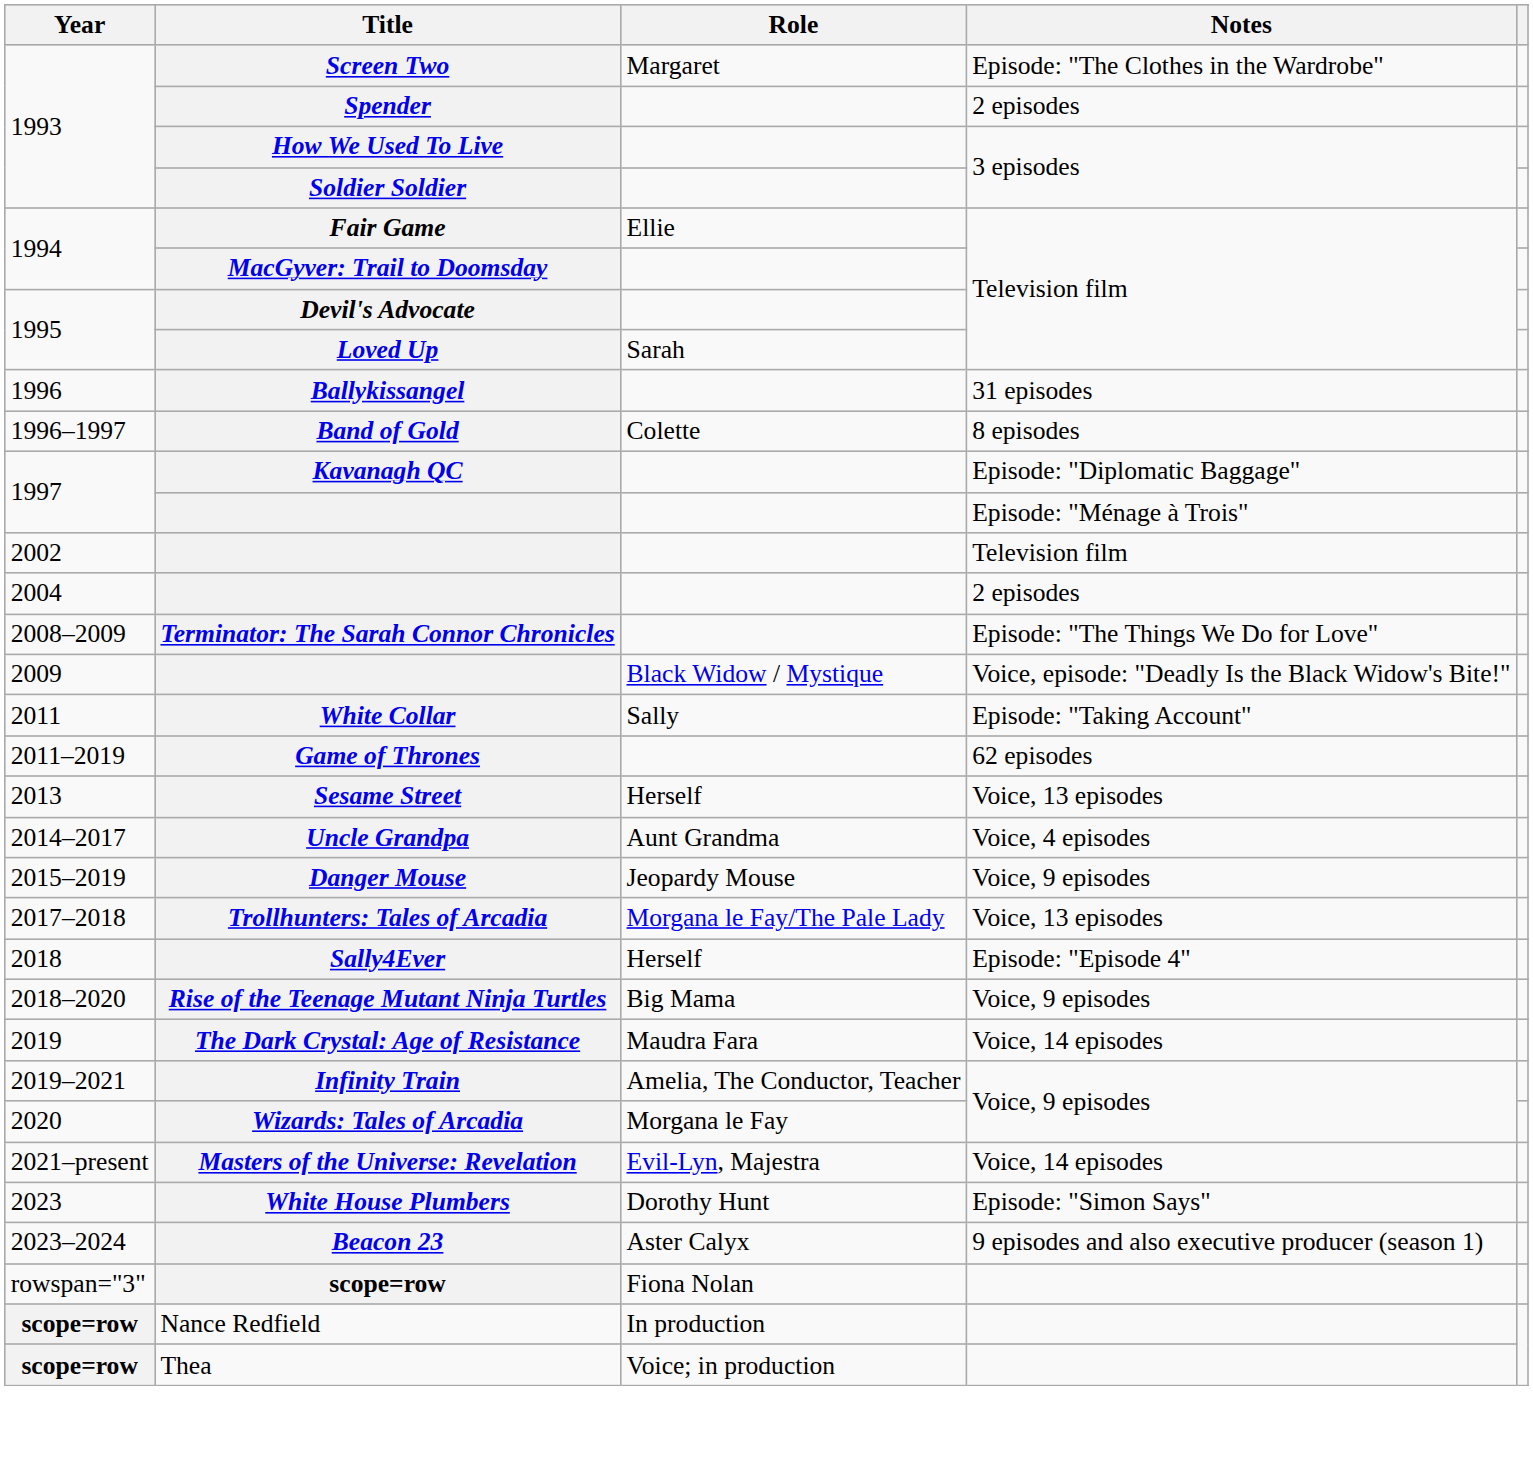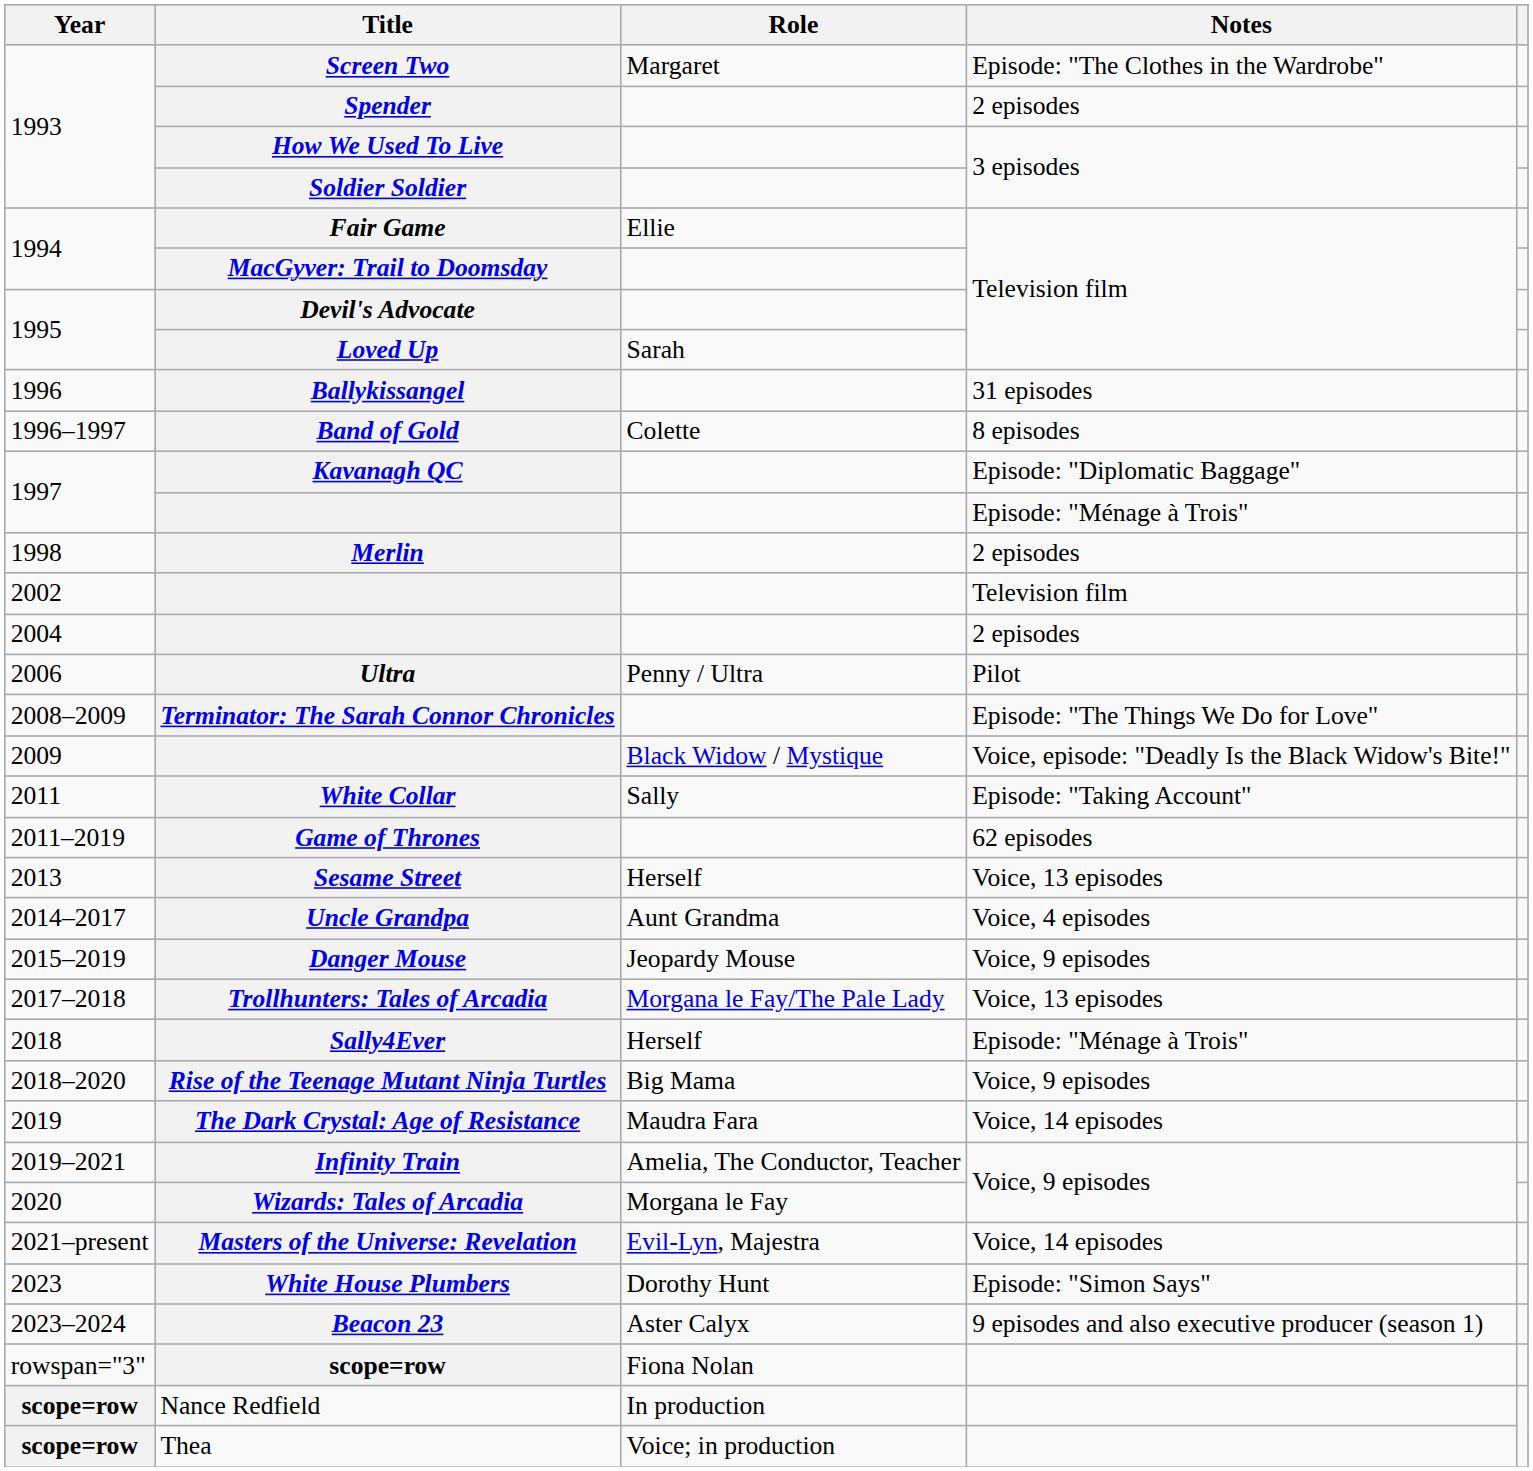 <table class="wikitable plainrowheaders sortable">
 <tr>
 <th scope="col">Year</th>
 <th scope="col">Title</th>
 <th scope="col">Role</th>
 <th scope="col" class="unsortable">Notes</th>
 <th scope="col" class="unsortable"></th>
 </tr>
 <tr>
 <td rowspan="4">1993</td>
 <th scope=row><em><a href='#'>Screen Two</a></em></th>
 <td>Margaret</td>
 <td>Episode: "The Clothes in the Wardrobe"</td>
 <td style="text-align:center;"></td>
 </tr>
 <tr>
 <th scope=row><em><a href='#'>Spender</a></em></th>
 <td></td>
 <td>2 episodes</td>
 <td style="text-align:center;"></td>
 </tr>
 <tr>
 <th scope=row><em><a href='#'>How We Used To Live</a></em></th>
 <td></td>
 <td rowspan="2">3 episodes</td>
 <td style="text-align:center;"></td>
 </tr>
 <tr>
 <th scope=row><em><a href='#'>Soldier Soldier</a></em></th>
 <td></td>
 <td style="text-align:center;"></td>
 </tr>
 <tr>
 <td rowspan="2">1994</td>
 <th scope=row><em>Fair Game</em></th>
 <td>Ellie</td>
 <td rowspan="4">Television film</td>
 <td style="text-align:center;"></td>
 </tr>
 <tr>
 <th scope=row><em><a href='#'>MacGyver: Trail to Doomsday</a></em></th>
 <td></td>
 <td style="text-align:center;"></td>
 </tr>
 <tr>
 <td rowspan="2">1995</td>
 <th scope=row><em>Devil's Advocate</em></th>
 <td></td>
 <td style="text-align:center;"></td>
 </tr>
 <tr>
 <th scope=row><em><a href='#'>Loved Up</a></em></th>
 <td>Sarah</td>
 <td style="text-align:center;"></td>
 </tr>
 <tr>
 <td>1996</td>
 <th scope=row><em><a href='#'>Ballykissangel</a></em></th>
 <td></td>
 <td>31 episodes</td>
 <td style="text-align:center;"></td>
 </tr>
 <tr>
 <td>1996–1997</td>
 <th scope=row><em><a href='#'>Band of Gold</a></em></th>
 <td>Colette</td>
 <td>8 episodes</td>
 <td style="text-align:center;"></td>
 </tr>
 <tr>
 <td rowspan="2">1997</td>
 <th scope=row><em><a href='#'>Kavanagh QC</a></em></th>
 <td></td>
 <td>Episode: "Diplomatic Baggage"</td>
 <td style="text-align:center;"></td>
 </tr>
 <tr>
 <th scope=row><em></em></th>
 <td></td>
 <td>Episode: "Ménage à Trois"</td>
 <td style="text-align:center;"></td>
 </tr>
 <tr>
+<td>1998</td>
+<th scope=row><em><a href='#'>Merlin</a></em></th>
+<td></td>
+<td>2 episodes</td>
+<td style="text-align:center;"></td>
+</tr>
+<tr>
 <td>2002</td>
 <th scope=row><em></em></th>
 <td></td>
 <td>Television film</td>
 <td style="text-align:center;"></td>
 </tr>
 <tr>
 <td>2004</td>
 <th scope=row><em></em></th>
 <td></td>
 <td>2 episodes</td>
+<td style="text-align:center;"></td>
+</tr>
+<tr>
+<td>2006</td>
+<th scope=row><em>Ultra</em></th>
+<td>Penny / Ultra</td>
+<td>Pilot</td>
 <td style="text-align:center;"></td>
 </tr>
 <tr>
 <td>2008–2009</td>
 <th scope=row><em><a href='#'>Terminator: The Sarah Connor Chronicles</a></em></th>
 <td></td>
 <td>Episode: "The Things We Do for Love"</td>
 <td style="text-align:center;"></td>
 </tr>
 <tr>
 <td>2009</td>
 <th scope=row><em></em></th>
 <td><a href='#'>Black Widow</a> / <a href='#'>Mystique</a></td>
 <td>Voice, episode: "Deadly Is the Black Widow's Bite!"</td>
 <td style="text-align:center;"></td>
 </tr>
 <tr>
 <td>2011</td>
 <th scope=row><em><a href='#'>White Collar</a></em></th>
 <td>Sally</td>
 <td>Episode: "Taking Account"</td>
 <td style="text-align:center;"></td>
 </tr>
 <tr>
 <td>2011–2019</td>
 <th scope=row><em><a href='#'>Game of Thrones</a></em></th>
 <td></td>
 <td>62 episodes</td>
 <td style="text-align:center;"></td>
 </tr>
 <tr>
 <td>2013</td>
 <th scope=row><em><a href='#'>Sesame Street</a></em></th>
 <td>Herself</td>
 <td>Voice, 13 episodes</td>
 <td style="text-align:center;"></td>
 </tr>
 <tr>
 <td>2014–2017</td>
 <th scope=row><em><a href='#'>Uncle Grandpa</a></em></th>
 <td>Aunt Grandma</td>
 <td>Voice, 4 episodes</td>
 <td style="text-align:center;"></td>
 </tr>
 <tr>
 <td>2015–2019</td>
 <th scope=row><em><a href='#'>Danger Mouse</a></em></th>
 <td>Jeopardy Mouse</td>
 <td>Voice, 9 episodes</td>
 <td style="text-align:center;"></td>
 </tr>
 <tr>
 <td>2017–2018</td>
 <th scope=row><em><a href='#'>Trollhunters: Tales of Arcadia</a></em></th>
 <td><a href='#'>Morgana le Fay/The Pale Lady</a></td>
 <td>Voice, 13 episodes</td>
 <td style="text-align:center;"></td>
 </tr>
 <tr>
 <td>2018</td>
 <th scope=row><em><a href='#'>Sally4Ever</a></em></th>
 <td>Herself</td>
-<td>Episode: "Episode 4"</td>
+<td>Episode: "Ménage à Trois"</td>
 <td style="text-align:center;"></td>
 </tr>
 <tr>
 <td>2018–2020</td>
 <th scope=row><em><a href='#'>Rise of the Teenage Mutant Ninja Turtles</a></em></th>
 <td>Big Mama</td>
 <td>Voice, 9 episodes</td>
 <td style="text-align:center;"></td>
 </tr>
 <tr>
 <td>2019</td>
 <th scope=row><em><a href='#'>The Dark Crystal: Age of Resistance</a></em></th>
 <td>Maudra Fara</td>
 <td>Voice, 14 episodes</td>
 <td style="text-align:center;"></td>
 </tr>
 <tr>
 <td>2019–2021</td>
 <th scope=row><em><a href='#'>Infinity Train</a></em></th>
 <td>Amelia, The Conductor, Teacher</td>
 <td rowspan="2">Voice, 9 episodes</td>
 <td style="text-align:center;"></td>
 </tr>
 <tr>
 <td>2020</td>
 <th scope=row><em><a href='#'>Wizards: Tales of Arcadia</a></em></th>
 <td>Morgana le Fay</td>
 <td style="text-align:center;"></td>
 </tr>
 <tr>
 <td>2021–present</td>
 <th scope=row><em><a href='#'>Masters of the Universe: Revelation</a></em></th>
 <td><a href='#'>Evil-Lyn</a>, Majestra</td>
 <td>Voice, 14 episodes</td>
 <td style="text-align:center;"></td>
 </tr>
 <tr>
 <td>2023</td>
 <th scope=row><em><a href='#'>White House Plumbers</a></em></th>
 <td>Dorothy Hunt</td>
 <td>Episode: "Simon Says"</td>
 <td style="text-align:center;"></td>
 </tr>
 <tr>
 <td>2023–2024</td>
 <th scope=row><em><a href='#'>Beacon 23</a></em></th>
 <td>Aster Calyx</td>
 <td>9 episodes and also executive producer (season 1)</td>
 <td style="text-align:center;"></td>
 </tr>
 <tr>
 <td>rowspan="3" </td>
 <th>scope=row </th>
 <td>Fiona Nolan</td>
 <td></td>
 <td style="text-align:center;"></td>
 </tr>
 <tr>
 <th>scope=row </th>
 <td>Nance Redfield</td>
 <td>In production</td>
 <td></td>
 </tr>
 <tr>
 <th>scope=row </th>
 <td>Thea</td>
 <td>Voice; in production</td>
 <td></td>
 </tr>
 </table>
